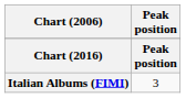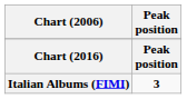 <table class="wikitable sortable plainrowheaders" style="text-align:center">
 <tr>
 <th scope="col">Chart (2006)</th>
 <th scope="col">Peak<br> position</th>
 </tr>
 <tr>
 </tr>
 <tr>
 <th scope="col">Chart (2016)</th>
 <th scope="col">Peak<br>position</th>
 </tr>
 <tr>
 <th scope="row">Italian Albums (<a href='#'>FIMI</a>)</th>
-<td align="center">3</td>
+<td align="center"><strong>3</strong></td>
 </tr>
 </table>
